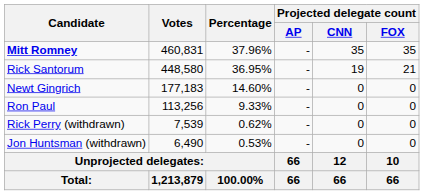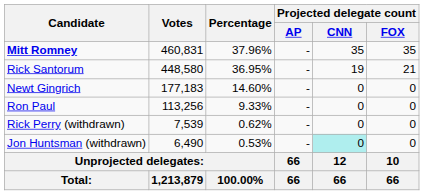 <table class="wikitable" style="text-align:right;">
 <tr>
 <th rowspan="2">Candidate</th>
 <th rowspan="2">Votes</th>
 <th rowspan="2">Percentage</th>
 <th colspan="3">Projected delegate count</th>
 </tr>
 <tr>
 <th><a href='#'>AP</a></th>
 <th><a href='#'>CNN</a><br></th>
 <th><a href='#'>FOX</a><br></th>
 </tr>
 <tr>
 <td style="text-align:left;"> <strong><a href='#'>Mitt Romney</a></strong></td>
 <td>460,831</td>
 <td>37.96%</td>
 <td>-</td>
 <td>35</td>
 <td>35</td>
 </tr>
 <tr>
 <td style="text-align:left;"><a href='#'>Rick Santorum</a></td>
 <td>448,580</td>
 <td>36.95%</td>
 <td>-</td>
 <td>19</td>
 <td>21</td>
 </tr>
 <tr>
 <td style="text-align:left;"><a href='#'>Newt Gingrich</a></td>
 <td>177,183</td>
 <td>14.60%</td>
 <td>-</td>
 <td>0</td>
 <td>0</td>
 </tr>
 <tr>
 <td style="text-align:left;"><a href='#'>Ron Paul</a></td>
 <td>113,256</td>
 <td>9.33%</td>
 <td>-</td>
 <td>0</td>
 <td>0</td>
 </tr>
 <tr>
 <td style="text-align:left;"><a href='#'>Rick Perry</a> (withdrawn)</td>
 <td>7,539</td>
 <td>0.62%</td>
 <td>-</td>
 <td>0</td>
 <td>0</td>
 </tr>
 <tr>
 <td style="text-align:left;"><a href='#'>Jon Huntsman</a> (withdrawn)</td>
 <td>6,490</td>
 <td>0.53%</td>
 <td>-</td>
-<td>0</td>
+<td style="background: paleturquoise;">0</td>
 <td>0</td>
 </tr>
 <tr style="background:#eee;">
 <th colspan="3">Unprojected delegates:</th>
 <th>66</th>
 <th>12</th>
 <th>10</th>
 </tr>
 <tr style="background:#eee;">
 <th>Total:</th>
 <th>1,213,879</th>
 <th>100.00%</th>
 <th>66</th>
 <th>66</th>
 <th>66</th>
 </tr>
 </table>
